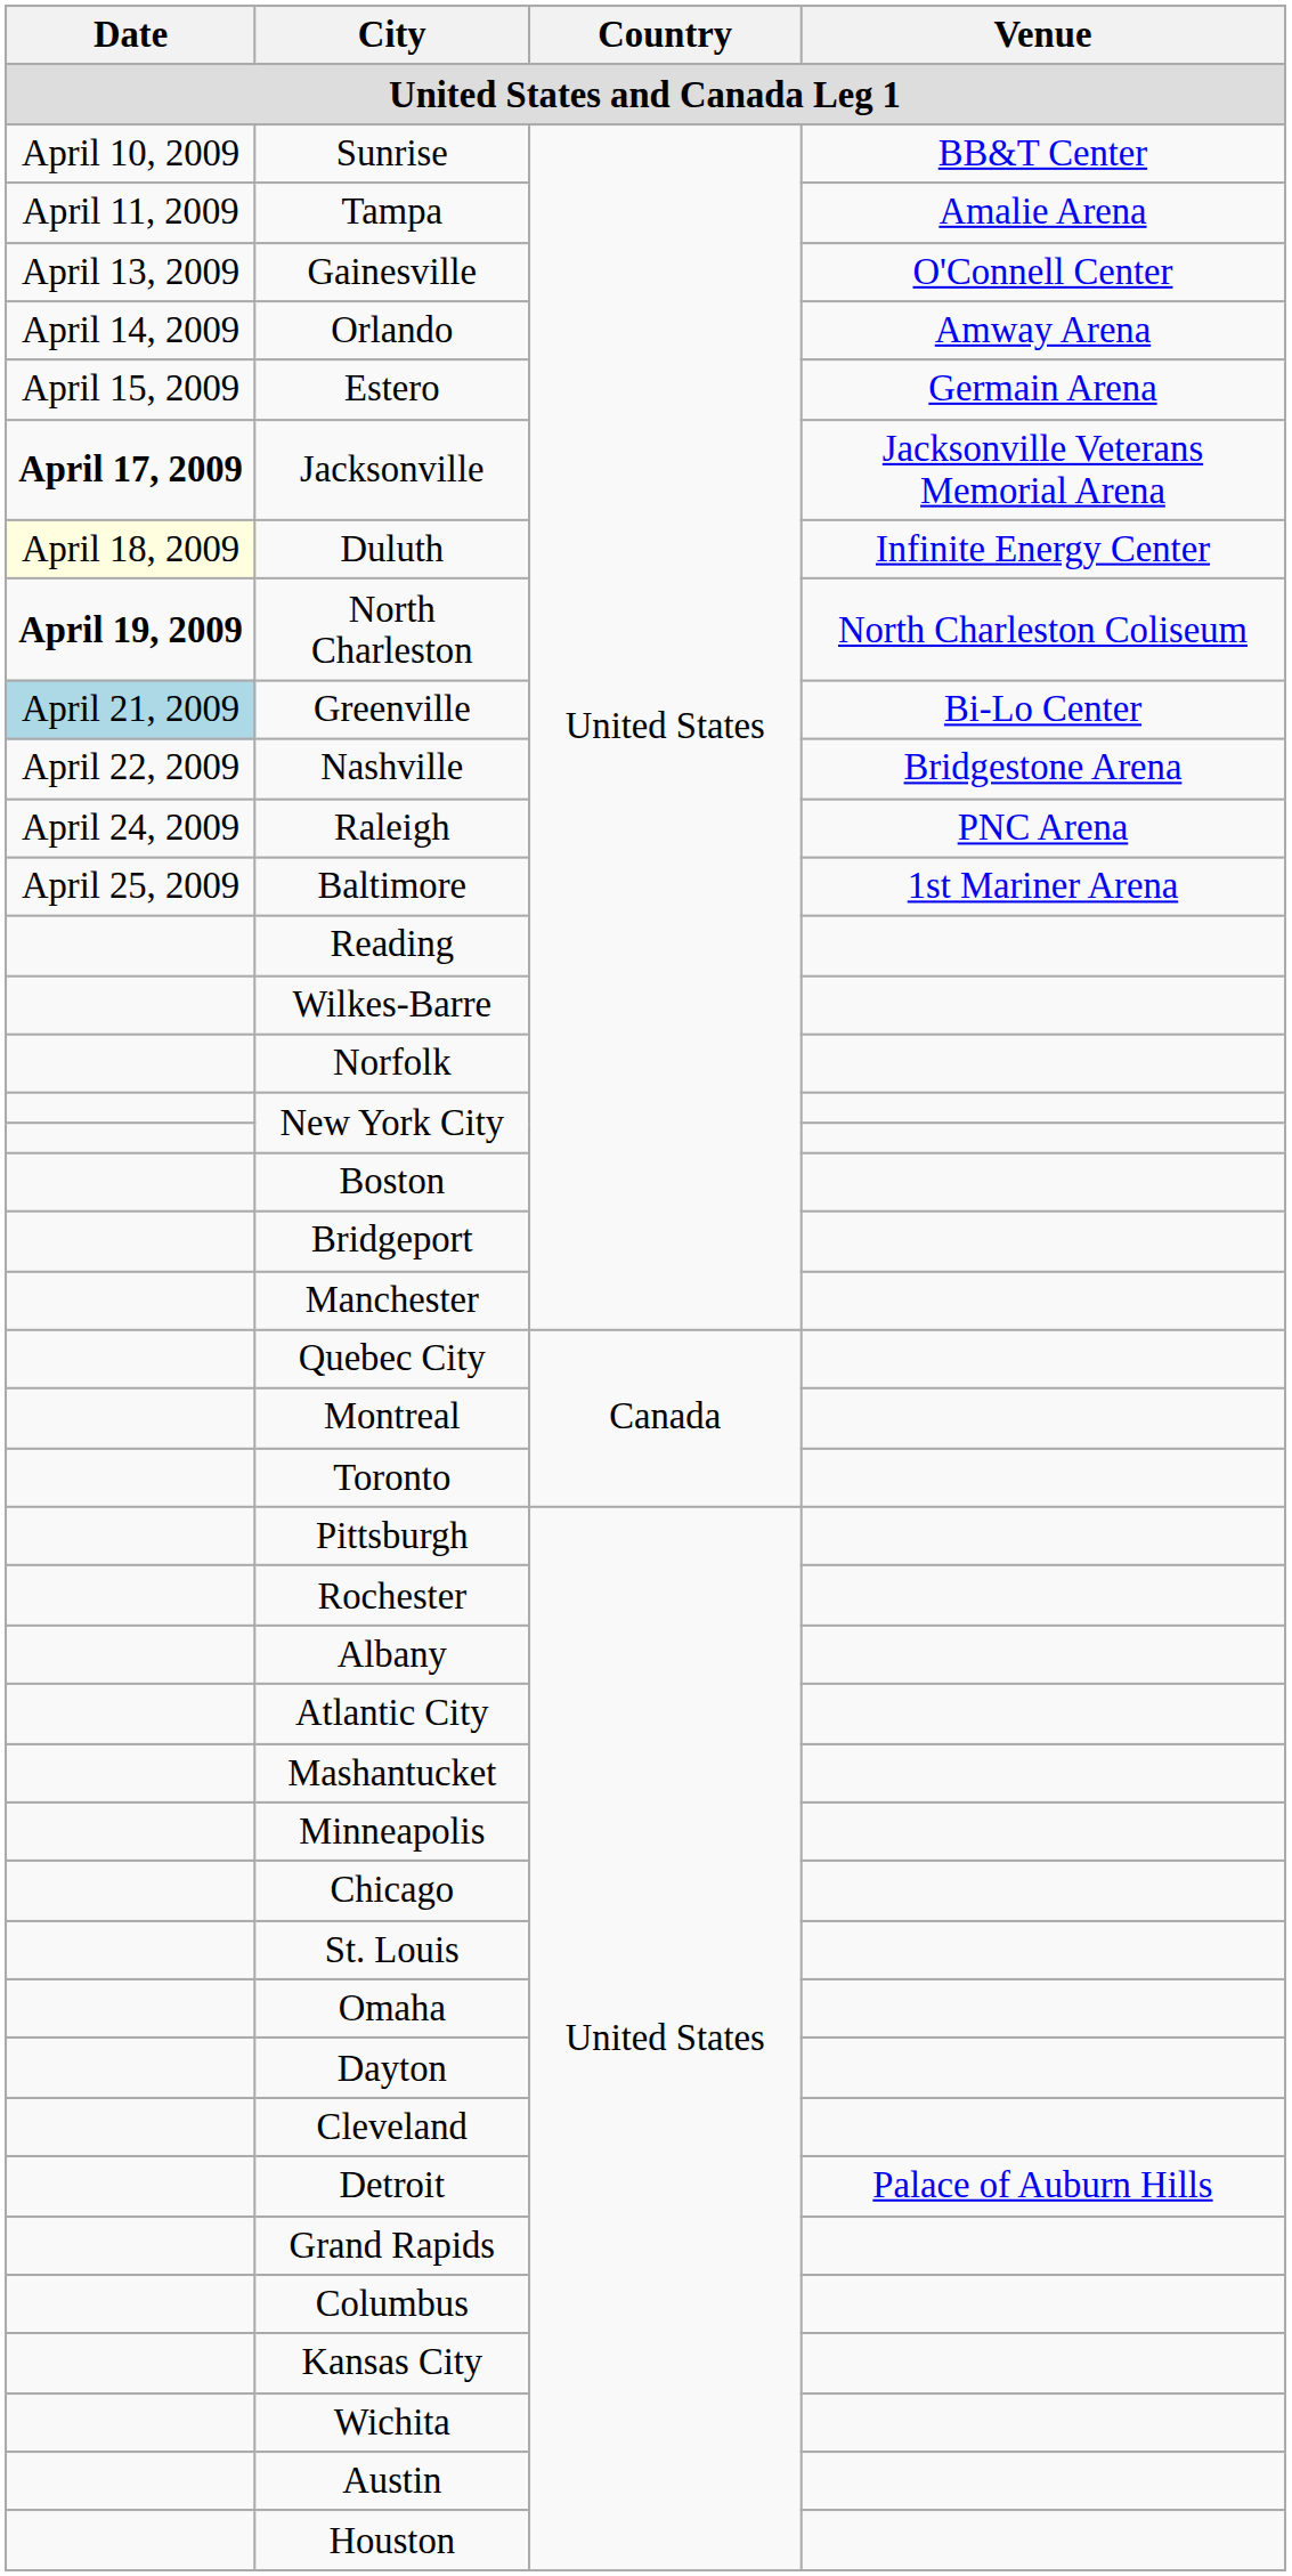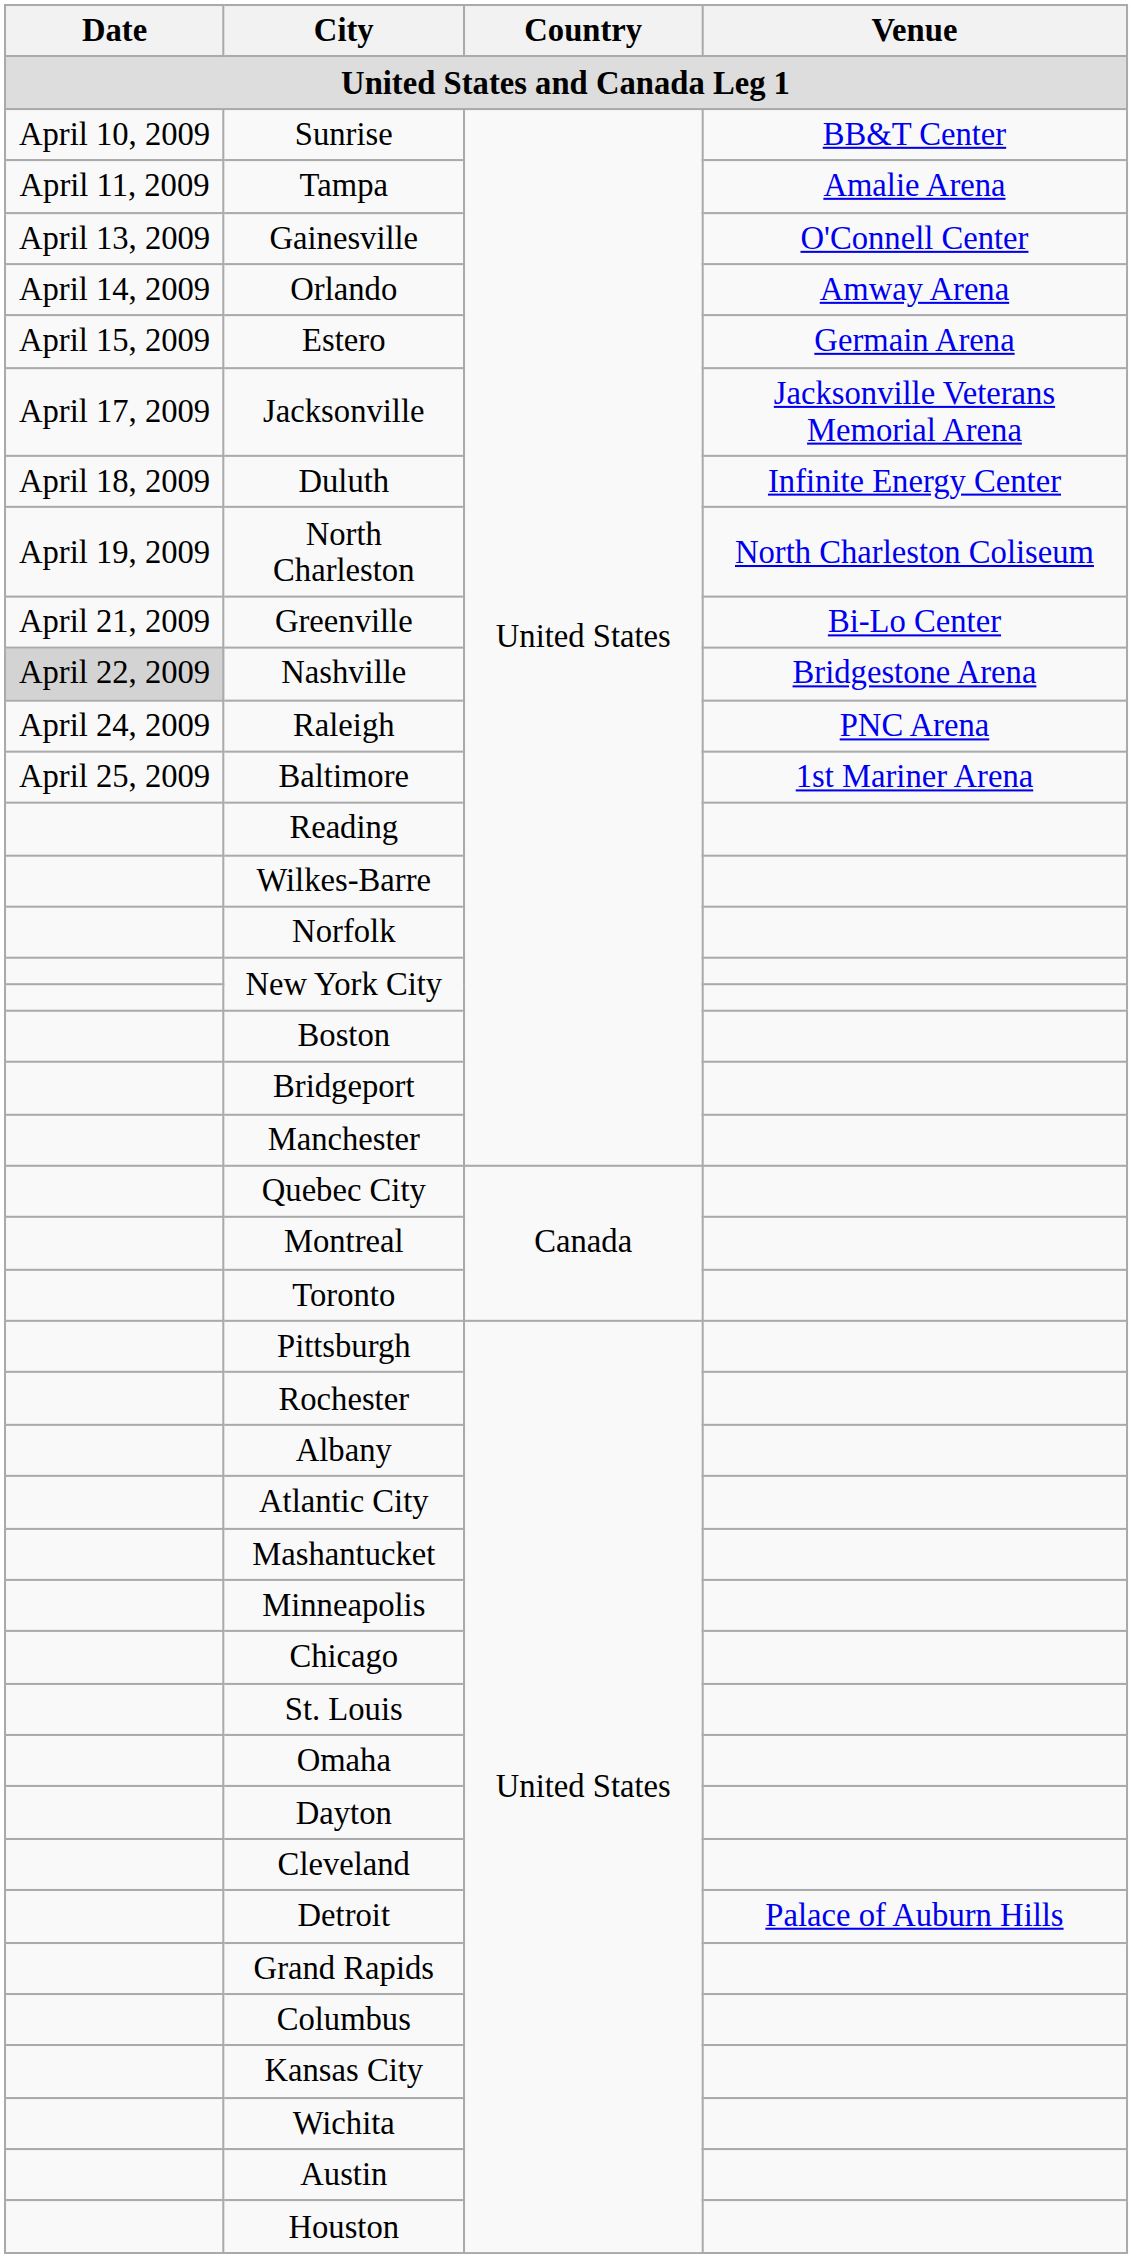 <table class="wikitable" style="text-align:center;">
 <tr>
 <th width="100">Date</th>
 <th width="110">City</th>
 <th width="110">Country</th>
 <th width="200">Venue</th>
 </tr>
 <tr bgcolor="#DDDDDD">
 <td colspan=4><strong>United States and Canada Leg 1</strong></td>
 </tr>
 <tr>
 <td>April 10, 2009</td>
 <td>Sunrise</td>
 <td rowspan="20">United States</td>
 <td><a href='#'>BB&T Center</a></td>
 </tr>
 <tr>
 <td>April 11, 2009</td>
 <td>Tampa</td>
 <td><a href='#'>Amalie Arena</a></td>
 </tr>
 <tr>
 <td>April 13, 2009</td>
 <td>Gainesville</td>
 <td><a href='#'>O'Connell Center</a></td>
 </tr>
 <tr>
 <td>April 14, 2009</td>
 <td>Orlando</td>
 <td><a href='#'>Amway Arena</a></td>
 </tr>
 <tr>
 <td>April 15, 2009</td>
 <td>Estero</td>
 <td><a href='#'>Germain Arena</a></td>
 </tr>
 <tr>
-<td><strong>April 17, 2009</strong></td>
+<td>April 17, 2009</td>
 <td>Jacksonville</td>
 <td><a href='#'>Jacksonville Veterans Memorial Arena</a></td>
 </tr>
 <tr>
-<td style="background: lightyellow;">April 18, 2009</td>
+<td>April 18, 2009</td>
 <td>Duluth</td>
 <td><a href='#'>Infinite Energy Center</a></td>
 </tr>
 <tr>
-<td><strong>April 19, 2009</strong></td>
+<td>April 19, 2009</td>
 <td>North Charleston</td>
 <td><a href='#'>North Charleston Coliseum</a></td>
 </tr>
 <tr>
-<td style="background: lightblue;">April 21, 2009</td>
+<td>April 21, 2009</td>
 <td>Greenville</td>
 <td><a href='#'>Bi-Lo Center</a></td>
 </tr>
 <tr>
-<td>April 22, 2009</td>
+<td style="background: lightgrey;">April 22, 2009</td>
 <td>Nashville</td>
 <td><a href='#'>Bridgestone Arena</a></td>
 </tr>
 <tr>
 <td>April 24, 2009</td>
 <td>Raleigh</td>
 <td><a href='#'>PNC Arena</a></td>
 </tr>
 <tr>
 <td>April 25, 2009</td>
 <td>Baltimore</td>
 <td><a href='#'>1st Mariner Arena</a></td>
 </tr>
 <tr>
 <td></td>
 <td>Reading</td>
 <td></td>
 </tr>
 <tr>
 <td></td>
 <td>Wilkes-Barre</td>
 <td></td>
 </tr>
 <tr>
 <td></td>
 <td>Norfolk</td>
 <td></td>
 </tr>
 <tr>
 <td></td>
 <td rowspan="2">New York City</td>
 <td></td>
 </tr>
 <tr>
 <td></td>
 </tr>
 <tr>
 <td></td>
 <td>Boston</td>
 <td></td>
 </tr>
 <tr>
 <td></td>
 <td>Bridgeport</td>
 <td></td>
 </tr>
 <tr>
 <td></td>
 <td>Manchester</td>
 <td></td>
 </tr>
 <tr>
 <td></td>
 <td>Quebec City</td>
 <td rowspan="3">Canada</td>
 <td></td>
 </tr>
 <tr>
 <td></td>
 <td>Montreal</td>
 <td></td>
 </tr>
 <tr>
 <td></td>
 <td>Toronto</td>
 <td></td>
 </tr>
 <tr>
 <td></td>
 <td>Pittsburgh</td>
 <td rowspan="19">United States</td>
 <td></td>
 </tr>
 <tr>
 <td></td>
 <td>Rochester</td>
 <td></td>
 </tr>
 <tr>
 <td></td>
 <td>Albany</td>
 <td></td>
 </tr>
 <tr>
 <td></td>
 <td>Atlantic City</td>
 <td></td>
 </tr>
 <tr>
 <td></td>
 <td>Mashantucket</td>
 <td></td>
 </tr>
 <tr>
 <td></td>
 <td>Minneapolis</td>
 <td></td>
 </tr>
 <tr>
 <td></td>
 <td>Chicago</td>
 <td></td>
 </tr>
 <tr>
 <td></td>
 <td>St. Louis</td>
 <td></td>
 </tr>
 <tr>
 <td></td>
 <td>Omaha</td>
 <td></td>
 </tr>
 <tr>
 <td></td>
 <td>Dayton</td>
 <td></td>
 </tr>
 <tr>
 <td></td>
 <td>Cleveland</td>
 <td></td>
 </tr>
 <tr>
 <td></td>
 <td>Detroit</td>
 <td><a href='#'>Palace of Auburn Hills</a></td>
 </tr>
 <tr>
 <td></td>
 <td>Grand Rapids</td>
 <td></td>
 </tr>
 <tr>
 <td></td>
 <td>Columbus</td>
 <td></td>
 </tr>
 <tr>
 <td></td>
 <td>Kansas City</td>
 <td></td>
 </tr>
 <tr>
 <td></td>
 <td>Wichita</td>
 <td></td>
 </tr>
 <tr>
 <td></td>
 <td>Austin</td>
 <td></td>
 </tr>
 <tr>
 <td></td>
 <td>Houston</td>
 <td></td>
 </tr>
 <tr>
 </tr>
 </table>
